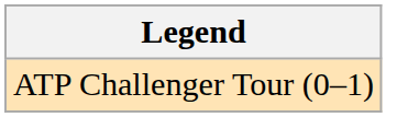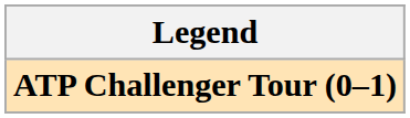 <table class=wikitable style=font-size:97%>
 <tr>
 <th>Legend</th>
 </tr>
 <tr bgcolor=moccasin>
-<td>ATP Challenger Tour (0–1)</td>
+<td><strong>ATP Challenger Tour (0–1)</strong></td>
 </tr>
 </table>
